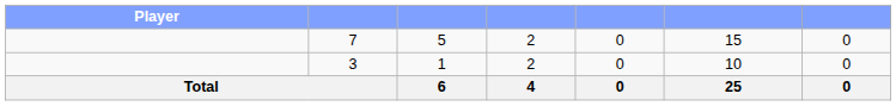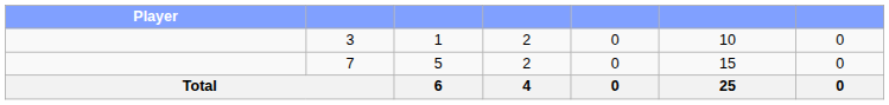 <table class="wikitable sortable" style="width:60%; text-align:center;">
 <tr>
 <th style="color:white; background:#80A0FF; ">Player</th>
 <th style="color:white; background:#80A0FF; "></th>
 <th style="color:white; background:#80A0FF; "></th>
 <th style="color:white; background:#80A0FF; "></th>
 <th style="color:white; background:#80A0FF; "></th>
 <th style="color:white; background:#80A0FF; "></th>
 <th style="color:white; background:#80A0FF; "></th>
 </tr>
 <tr>
 <td></td>
+<td>3</td>
+<td>1</td>
+<td>2</td>
+<td>0</td>
+<td>10</td>
+<td>0</td>
+</tr>
+<tr>
+<td></td>
 <td>7</td>
 <td>5</td>
 <td>2</td>
 <td>0</td>
 <td>15</td>
-<td>0</td>
-</tr>
-<tr>
-<td></td>
-<td>3</td>
-<td>1</td>
-<td>2</td>
-<td>0</td>
-<td>10</td>
 <td>0</td>
 </tr>
 <tr class="sortbottom">
 <th colspan=2>Total</th>
 <th>6</th>
 <th>4</th>
 <th>0</th>
 <th>25</th>
 <th>0</th>
 </tr>
 </table>
